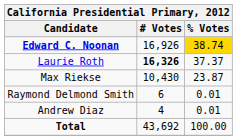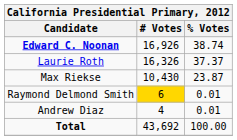 <table class=wikitable style="text-align:center;">
 <tr bgcolor=lightgrey>
 <th colspan="4">California Presidential Primary, 2012 </th>
 </tr>
 <tr bgcolor=lightgrey>
 <th>Candidate</th>
 <th># Votes</th>
 <th>% Votes</th>
 </tr>
 <tr>
 <td><strong><a href='#'>Edward C. Noonan</a></strong></td>
 <td>16,926</td>
-<td style="background: gold;">38.74</td>
+<td>38.74</td>
 </tr>
 <tr>
 <td><a href='#'>Laurie Roth</a></td>
-<td><strong>16,326</strong></td>
+<td>16,326</td>
 <td>37.37</td>
 </tr>
 <tr>
 <td>Max Riekse</td>
 <td>10,430</td>
 <td>23.87</td>
 </tr>
 <tr>
 <td>Raymond Delmond Smith</td>
-<td>6</td>
+<td style="background: gold;">6</td>
 <td>0.01</td>
 </tr>
 <tr>
 <td>Andrew Diaz</td>
 <td>4</td>
 <td>0.01</td>
 </tr>
 <tr>
 <td><strong>Total</strong></td>
 <td>43,692</td>
 <td>100.00</td>
 </tr>
 <tr>
 </tr>
 </table>
